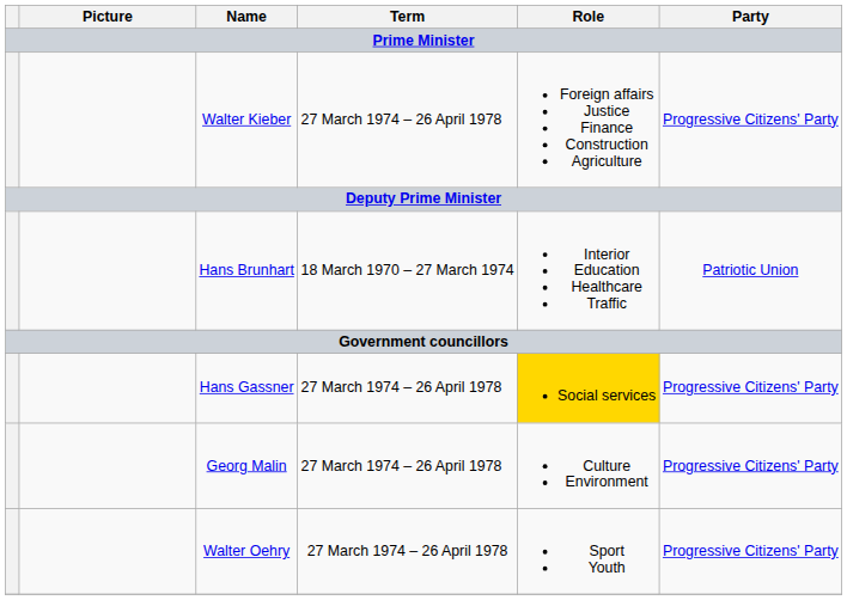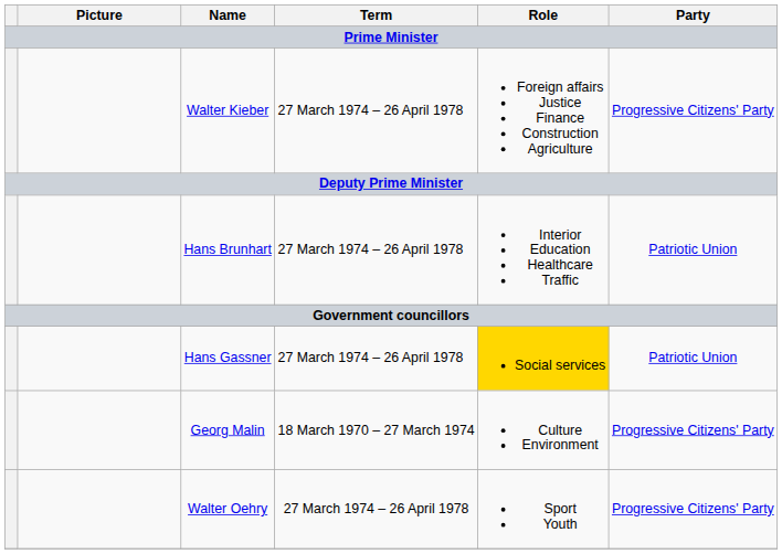 <table class="wikitable" style="text-align:center">
 <tr>
 <th style="width: 0.5em"></th>
 <th style="width: 11.5em">Picture</th>
 <th>Name</th>
 <th>Term</th>
 <th>Role</th>
 <th>Party</th>
 </tr>
 <tr>
 <th colspan="7" style="background:#CCD2D9"><a href='#'>Prime Minister</a></th>
 </tr>
 <tr>
 <th style="background:"></th>
 <td></td>
 <td><a href='#'>Walter Kieber</a></td>
 <td style="text-align:left">27 March 1974 – 26 April 1978</td>
 <td><br><ul><li>Foreign affairs</li><li>Justice</li><li>Finance</li><li>Construction</li><li>Agriculture</li></ul></td>
 <td><a href='#'>Progressive Citizens' Party</a></td>
 </tr>
 <tr>
 <th colspan="7" style="background:#CCD2D9"><a href='#'>Deputy Prime Minister</a></th>
 </tr>
 <tr>
 <th style="background:"></th>
 <td></td>
 <td><a href='#'>Hans Brunhart</a></td>
-<td style="text-align:left">18 March 1970 – 27 March 1974</td>
+<td style="text-align:left">27 March 1974 – 26 April 1978</td>
 <td><br><ul><li>Interior</li><li>Education</li><li>Healthcare</li><li>Traffic</li></ul></td>
 <td><a href='#'>Patriotic Union</a></td>
 </tr>
 <tr>
 <th colspan="7" style="background:#CCD2D9">Government councillors</th>
 </tr>
 <tr>
 <th style="background:"></th>
 <td></td>
 <td><a href='#'>Hans Gassner</a></td>
 <td style="text-align:left">27 March 1974 – 26 April 1978</td>
 <td style="background: gold;"><br><ul><li>Social services</li></ul></td>
-<td><a href='#'>Progressive Citizens' Party</a></td>
+<td><a href='#'>Patriotic Union</a></td>
 </tr>
 <tr>
 <th style="background:"></th>
 <td></td>
 <td><a href='#'>Georg Malin</a></td>
-<td style="text-align:left">27 March 1974 – 26 April 1978</td>
+<td style="text-align:left">18 March 1970 – 27 March 1974</td>
 <td><br><ul><li>Culture</li><li>Environment</li></ul></td>
 <td><a href='#'>Progressive Citizens' Party</a></td>
 </tr>
 <tr>
 <th style="background:"></th>
 <td></td>
 <td><a href='#'>Walter Oehry</a></td>
 <td>27 March 1974 – 26 April 1978</td>
 <td><br><ul><li>Sport</li><li>Youth</li></ul></td>
 <td><a href='#'>Progressive Citizens' Party</a></td>
 </tr>
 <tr>
 </tr>
 </table>
